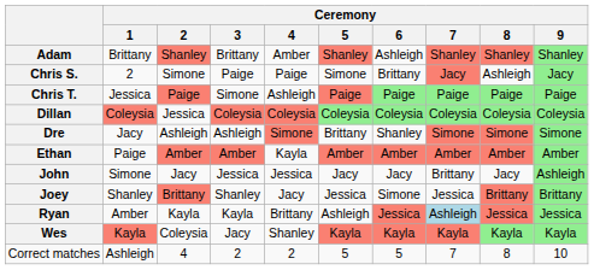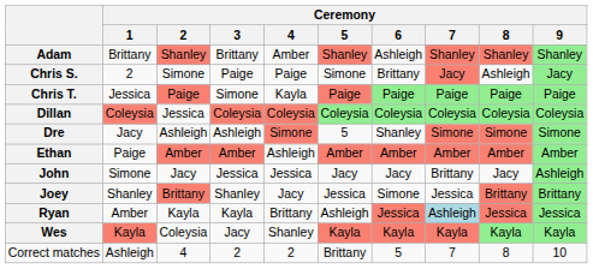 <table class="wikitable" style="text-align:center;">
 <tr>
 <th rowspan="2"></th>
 <th colspan="14" style="text-jalign:center;">Ceremony</th>
 </tr>
 <tr>
 <th>1</th>
 <th>2</th>
 <th>3</th>
 <th>4</th>
 <th>5</th>
 <th>6</th>
 <th>7</th>
 <th>8</th>
 <th>9</th>
 </tr>
 <tr>
 <th>Adam</th>
 <td>Brittany</td>
 <td style="background:salmon">Shanley</td>
 <td>Brittany</td>
 <td>Amber</td>
 <td style="background:salmon">Shanley</td>
 <td>Ashleigh</td>
 <td style="background:salmon">Shanley</td>
 <td style="background:salmon">Shanley</td>
 <td style="background:lightgreen">Shanley</td>
 </tr>
 <tr>
 <th>Chris S.</th>
 <td>2</td>
 <td>Simone</td>
 <td>Paige</td>
 <td>Paige</td>
 <td>Simone</td>
 <td>Brittany</td>
 <td style="background:salmon">Jacy</td>
 <td>Ashleigh</td>
 <td style="background:lightgreen">Jacy</td>
 </tr>
 <tr>
 <th>Chris T.</th>
 <td>Jessica</td>
 <td style="background:salmon">Paige</td>
 <td>Simone</td>
-<td>Ashleigh</td>
+<td>Kayla</td>
 <td style="background:salmon">Paige</td>
 <td style="background:lightgreen">Paige</td>
 <td style="background:lightgreen">Paige</td>
 <td style="background:lightgreen">Paige</td>
 <td style="background:lightgreen">Paige</td>
 </tr>
 <tr>
 <th>Dillan</th>
 <td style="background:salmon">Coleysia</td>
 <td>Jessica</td>
 <td style="background:salmon">Coleysia</td>
 <td style="background:salmon">Coleysia</td>
 <td style="background:lightgreen">Coleysia</td>
 <td style="background:lightgreen">Coleysia</td>
 <td style="background:lightgreen">Coleysia</td>
 <td style="background:lightgreen">Coleysia</td>
 <td style="background:lightgreen">Coleysia</td>
 </tr>
 <tr>
 <th>Dre</th>
 <td>Jacy</td>
 <td>Ashleigh</td>
 <td>Ashleigh</td>
 <td style="background:salmon">Simone</td>
-<td>Brittany</td>
+<td>5</td>
 <td>Shanley</td>
 <td style="background:salmon">Simone</td>
 <td style="background:salmon">Simone</td>
 <td style="background:lightgreen">Simone</td>
 </tr>
 <tr>
 <th>Ethan</th>
 <td>Paige</td>
 <td style="background:salmon">Amber</td>
 <td style="background:salmon">Amber</td>
-<td>Kayla</td>
+<td>Ashleigh</td>
 <td style="background:salmon">Amber</td>
 <td style="background:salmon">Amber</td>
 <td style="background:salmon">Amber</td>
 <td style="background:salmon">Amber</td>
 <td style="background:lightgreen">Amber</td>
 </tr>
 <tr>
 <th>John</th>
 <td>Simone</td>
 <td>Jacy</td>
 <td>Jessica</td>
 <td>Jessica</td>
 <td>Jacy</td>
 <td>Jacy</td>
 <td>Brittany</td>
 <td>Jacy</td>
 <td style="background:lightgreen">Ashleigh</td>
 </tr>
 <tr>
 <th>Joey</th>
 <td>Shanley</td>
 <td style="background:salmon">Brittany</td>
 <td>Shanley</td>
 <td>Jacy</td>
 <td>Jessica</td>
 <td>Simone</td>
 <td>Jessica</td>
 <td style="background:salmon">Brittany</td>
 <td style="background:lightgreen">Brittany</td>
 </tr>
 <tr>
 <th>Ryan</th>
 <td>Amber</td>
 <td>Kayla</td>
 <td>Kayla</td>
 <td>Brittany</td>
 <td>Ashleigh</td>
 <td style="background:salmon">Jessica</td>
 <td style="background: lightblue;">Ashleigh</td>
 <td style="background:salmon">Jessica</td>
 <td style="background:lightgreen">Jessica</td>
 </tr>
 <tr>
 <th>Wes</th>
 <td style="background:salmon">Kayla</td>
 <td>Coleysia</td>
 <td>Jacy</td>
 <td>Shanley</td>
 <td style="background:salmon">Kayla</td>
 <td style="background:salmon">Kayla</td>
 <td style="background:salmon">Kayla</td>
 <td style="background:lightgreen">Kayla</td>
 <td style="background:lightgreen">Kayla</td>
 </tr>
 <tr>
 <td>Correct matches</td>
 <td>Ashleigh</td>
 <td>4</td>
 <td>2</td>
 <td>2</td>
-<td>5</td>
+<td>Brittany</td>
 <td>5</td>
 <td>7</td>
 <td>8</td>
 <td>10</td>
 </tr>
 </table>
